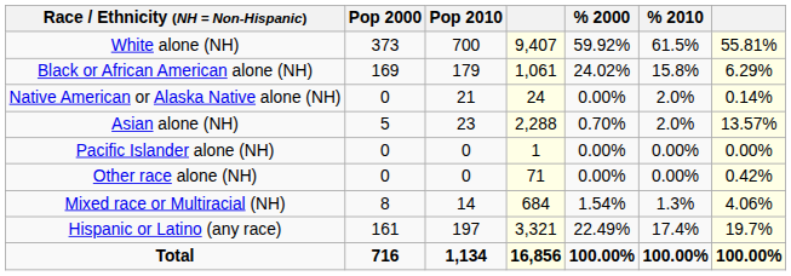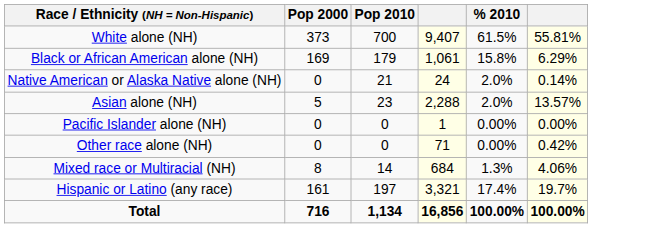 <table class="wikitable" style="text-align:center;">
 <tr>
 <th>Race / Ethnicity <small>(<em>NH = Non-Hispanic</em>)</small></th>
 <th>Pop 2000</th>
 <th>Pop 2010</th>
 <th></th>
-<th>% 2000</th>
 <th>% 2010</th>
 <th></th>
 </tr>
 <tr>
 <td><a href='#'>White</a> alone (NH)</td>
 <td>373</td>
 <td>700</td>
 <td style='background: #ffffe6;'>9,407</td>
-<td>59.92%</td>
 <td>61.5%</td>
 <td style='background: #ffffe6;'>55.81%</td>
 </tr>
 <tr>
 <td><a href='#'>Black or African American</a> alone (NH)</td>
 <td>169</td>
 <td>179</td>
 <td style='background: #ffffe6;'>1,061</td>
-<td>24.02%</td>
 <td>15.8%</td>
 <td style='background: #ffffe6;'>6.29%</td>
 </tr>
 <tr>
 <td><a href='#'>Native American</a> or <a href='#'>Alaska Native</a> alone (NH)</td>
 <td>0</td>
 <td>21</td>
 <td style='background: #ffffe6;'>24</td>
-<td>0.00%</td>
 <td>2.0%</td>
 <td style='background: #ffffe6;'>0.14%</td>
 </tr>
 <tr>
 <td><a href='#'>Asian</a> alone (NH)</td>
 <td>5</td>
 <td>23</td>
 <td style='background: #ffffe6;'>2,288</td>
-<td>0.70%</td>
 <td>2.0%</td>
 <td style='background: #ffffe6;'>13.57%</td>
 </tr>
 <tr>
 <td><a href='#'>Pacific Islander</a> alone (NH)</td>
 <td>0</td>
 <td>0</td>
 <td style='background: #ffffe6;'>1</td>
 <td>0.00%</td>
-<td>0.00%</td>
 <td style='background: #ffffe6;'>0.00%</td>
 </tr>
 <tr>
 <td><a href='#'>Other race</a> alone (NH)</td>
 <td>0</td>
 <td>0</td>
 <td style='background: #ffffe6;'>71</td>
 <td>0.00%</td>
-<td>0.00%</td>
 <td style='background: #ffffe6;'>0.42%</td>
 </tr>
 <tr>
 <td><a href='#'>Mixed race or Multiracial</a> (NH)</td>
 <td>8</td>
 <td>14</td>
 <td style='background: #ffffe6;'>684</td>
-<td>1.54%</td>
 <td>1.3%</td>
 <td style='background: #ffffe6;'>4.06%</td>
 </tr>
 <tr>
 <td><a href='#'>Hispanic or Latino</a> (any race)</td>
 <td>161</td>
 <td>197</td>
 <td style='background: #ffffe6;'>3,321</td>
-<td>22.49%</td>
 <td>17.4%</td>
 <td style='background: #ffffe6;'>19.7%</td>
 </tr>
 <tr>
 <td><strong>Total</strong></td>
 <td><strong>716</strong></td>
 <td><strong>1,134</strong></td>
 <td style='background: #ffffe6;'><strong>16,856</strong></td>
 <td><strong>100.00%</strong></td>
-<td><strong>100.00%</strong></td>
 <td style='background: #ffffe6;'><strong>100.00%</strong></td>
 </tr>
 </table>
